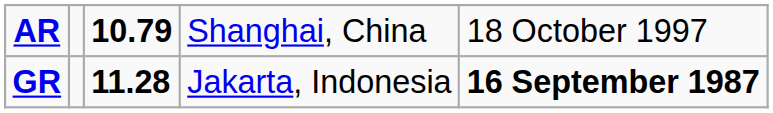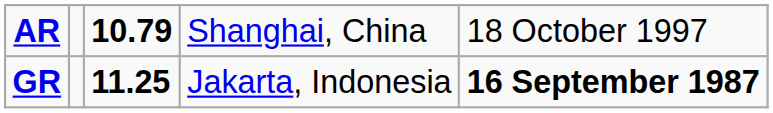 <table class="wikitable" style="font-size:95%; position:relative;">
 <tr>
 <td align=center><strong><a href='#'>AR</a></strong></td>
 <td></td>
 <td><strong>10.79</strong></td>
 <td><a href='#'>Shanghai</a>, China</td>
 <td>18 October 1997</td>
 </tr>
 <tr>
 <td align=center><strong><a href='#'>GR</a></strong></td>
 <td></td>
-<td><strong>11.28</strong></td>
+<td><strong>11.25</strong></td>
 <td><a href='#'>Jakarta</a>, Indonesia</td>
 <td><strong>16 September 1987</strong></td>
 </tr>
 </table>
